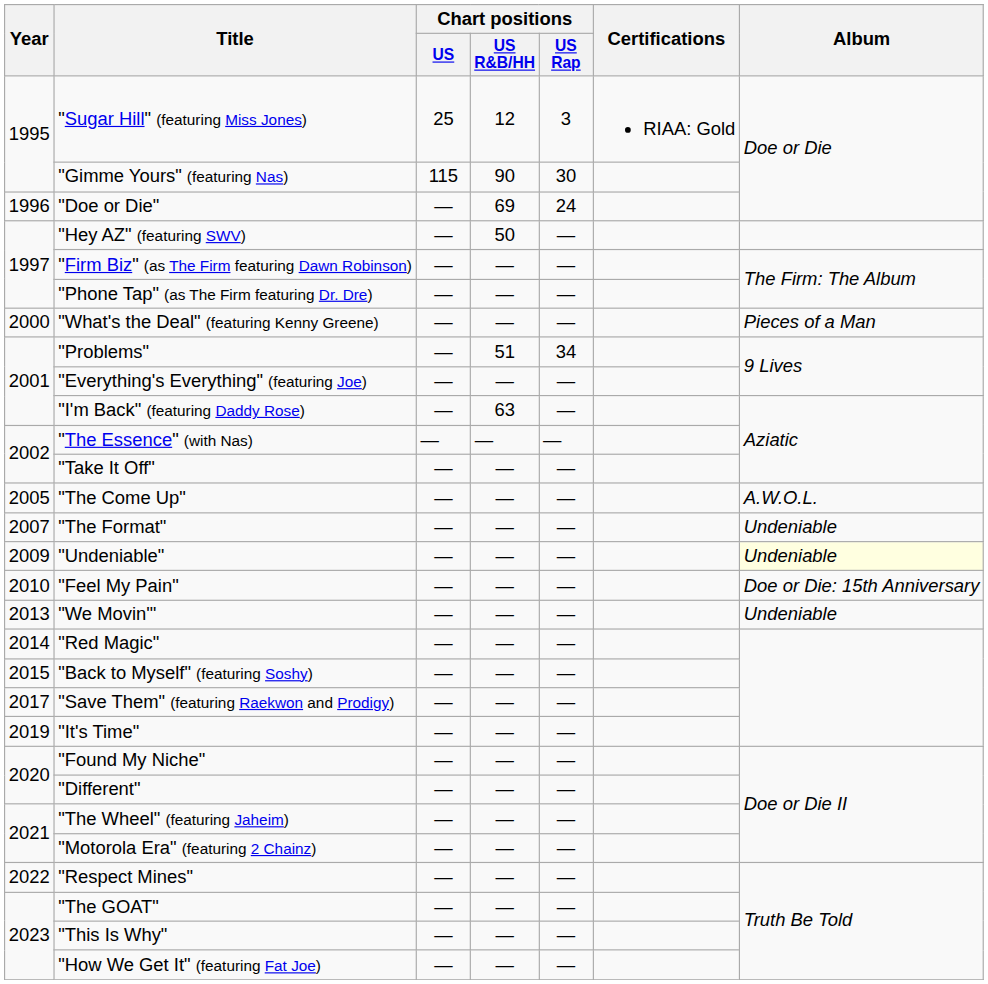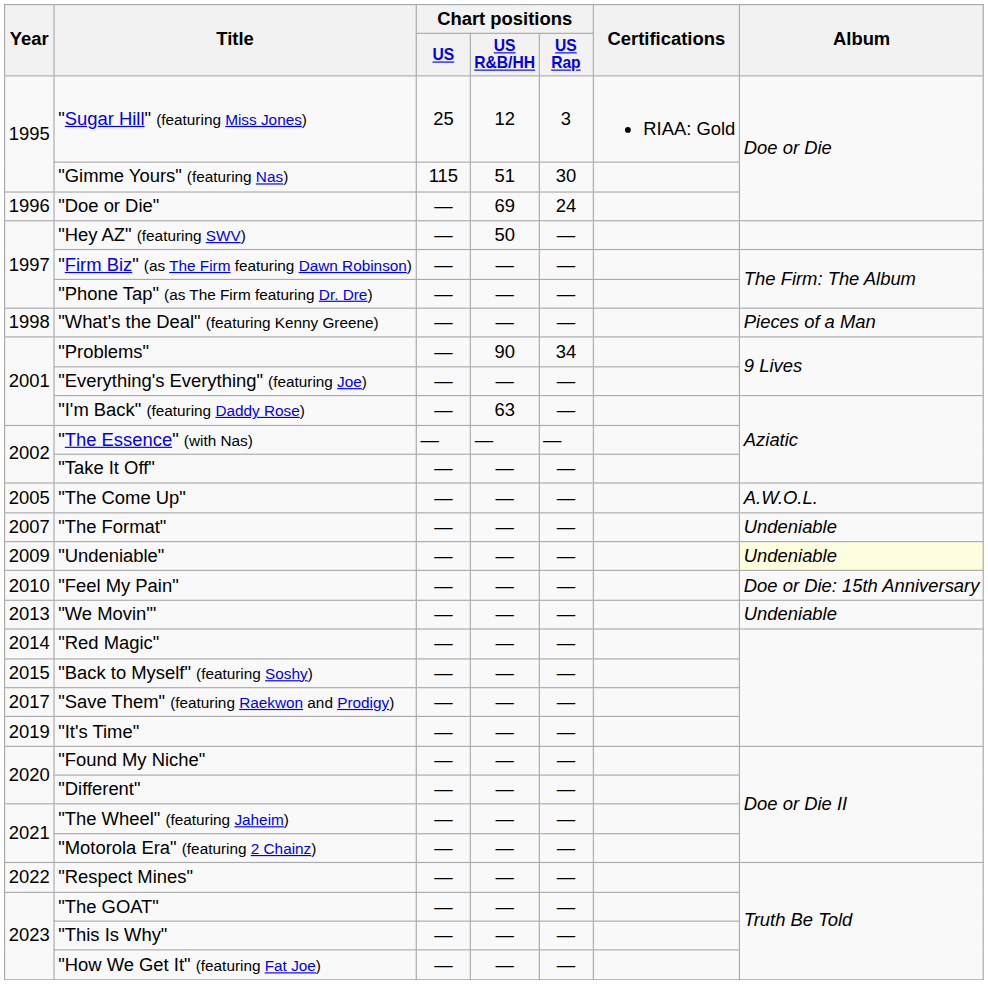 <table class="wikitable">
 <tr>
 <th scope="col" rowspan="2">Year</th>
 <th scope="col" rowspan="2">Title</th>
 <th scope="col" colspan="3">Chart positions</th>
 <th scope="col" rowspan="2">Certifications</th>
 <th scope="col" rowspan="2">Album</th>
 </tr>
 <tr>
 <th scope="col" style="width:3em;font-size:85%"><a href='#'>US</a><br></th>
 <th scope="col" style="width:3em;font-size:85%"><a href='#'>US<br>R&B/HH</a><br></th>
 <th scope="col" style="width:3em;font-size:85%"><a href='#'>US<br>Rap</a><br></th>
 </tr>
 <tr>
 <td align="center" rowspan=2>1995</td>
 <td>"<a href='#'>Sugar Hill</a>" <small>(featuring <a href='#'>Miss Jones</a>)</small></td>
 <td align="center">25</td>
 <td align="center">12</td>
 <td align="center">3</td>
 <td><br><ul><li>RIAA: Gold</li></ul></td>
 <td rowspan=3><em>Doe or Die</em></td>
 </tr>
 <tr>
 <td>"Gimme Yours" <small>(featuring <a href='#'>Nas</a>)</small></td>
 <td align="center">115</td>
-<td align="center">90</td>
+<td align="center">51</td>
 <td align="center">30</td>
 <td></td>
 </tr>
 <tr>
 <td align="center">1996</td>
 <td>"Doe or Die"</td>
 <td align="center">—</td>
 <td align="center">69</td>
 <td align="center">24</td>
 <td></td>
 </tr>
 <tr>
 <td align="center" rowspan=3>1997</td>
 <td>"Hey AZ" <small>(featuring <a href='#'>SWV</a>)</small></td>
 <td align="center">—</td>
 <td align="center">50</td>
 <td align="center">—</td>
 <td></td>
 <td></td>
 </tr>
 <tr>
 <td>"<a href='#'>Firm Biz</a>" <small>(as <a href='#'>The Firm</a> featuring <a href='#'>Dawn Robinson</a>)</small></td>
 <td align="center">—</td>
 <td align="center">—</td>
 <td align="center">—</td>
 <td></td>
 <td rowspan="2"><em>The Firm: The Album</em></td>
 </tr>
 <tr>
 <td>"Phone Tap" <small>(as The Firm featuring <a href='#'>Dr. Dre</a>)</small></td>
 <td align="center">—</td>
 <td align="center">—</td>
 <td align="center">—</td>
 <td></td>
 </tr>
 <tr>
-<td align="center">2000</td>
+<td align="center">1998</td>
 <td>"What's the Deal" <small>(featuring Kenny Greene)</small></td>
 <td align="center">—</td>
 <td align="center">—</td>
 <td align="center">—</td>
 <td></td>
 <td><em>Pieces of a Man</em></td>
 </tr>
 <tr>
 <td align="center" rowspan=3>2001</td>
 <td>"Problems"</td>
 <td align="center">—</td>
-<td align="center">51</td>
+<td align="center">90</td>
 <td align="center">34</td>
 <td></td>
 <td rowspan=2><em>9 Lives</em></td>
 </tr>
 <tr>
 <td>"Everything's Everything" <small>(featuring <a href='#'>Joe</a>)</small></td>
 <td align="center">—</td>
 <td align="center">—</td>
 <td align="center">—</td>
 <td></td>
 </tr>
 <tr>
 <td>"I'm Back" <small>(featuring <a href='#'>Daddy Rose</a>)</small></td>
 <td align="center">—</td>
 <td align="center">63</td>
 <td align="center">—</td>
 <td></td>
 <td rowspan="3"><em>Aziatic</em></td>
 </tr>
 <tr>
 <td rowspan="2">2002</td>
 <td>"<a href='#'>The Essence</a>" <small>(with Nas)</small></td>
 <td>—</td>
 <td>—</td>
 <td>—</td>
 <td></td>
 </tr>
 <tr>
 <td>"Take It Off"</td>
 <td align="center">—</td>
 <td align="center">—</td>
 <td align="center">—</td>
 <td></td>
 </tr>
 <tr>
 <td align="center">2005</td>
 <td>"The Come Up"</td>
 <td align="center">—</td>
 <td align="center">—</td>
 <td align="center">—</td>
 <td></td>
 <td><em>A.W.O.L.</em></td>
 </tr>
 <tr>
 <td align="center">2007</td>
 <td>"The Format"</td>
 <td align="center">—</td>
 <td align="center">—</td>
 <td align="center">—</td>
 <td></td>
 <td><em>Undeniable</em></td>
 </tr>
 <tr>
 <td align="center">2009</td>
 <td>"Undeniable"</td>
 <td align="center">—</td>
 <td align="center">—</td>
 <td align="center">—</td>
 <td></td>
 <td style="background: lightyellow;"><em>Undeniable</em></td>
 </tr>
 <tr>
 <td align="center">2010</td>
 <td>"Feel My Pain"</td>
 <td align="center">—</td>
 <td align="center">—</td>
 <td align="center">—</td>
 <td></td>
 <td><em>Doe or Die: 15th Anniversary</em></td>
 </tr>
 <tr>
 <td align="center">2013</td>
 <td>"We Movin'"</td>
 <td align="center">—</td>
 <td align="center">—</td>
 <td align="center">—</td>
 <td></td>
 <td><em>Undeniable</em></td>
 </tr>
 <tr>
 <td align="center">2014</td>
 <td>"Red Magic"</td>
 <td align="center">—</td>
 <td align="center">—</td>
 <td align="center">—</td>
 <td></td>
 </tr>
 <tr>
 <td align="center">2015</td>
 <td>"Back to Myself" <small>(featuring <a href='#'>Soshy</a>)</small></td>
 <td align="center">—</td>
 <td align="center">—</td>
 <td align="center">—</td>
 <td></td>
 </tr>
 <tr>
 <td align="center">2017</td>
 <td>"Save Them" <small>(featuring <a href='#'>Raekwon</a> and <a href='#'>Prodigy</a>)</small></td>
 <td align="center">—</td>
 <td align="center">—</td>
 <td align="center">—</td>
 <td></td>
 </tr>
 <tr>
 <td align="center">2019</td>
 <td>"It's Time"</td>
 <td align="center">—</td>
 <td align="center">—</td>
 <td align="center">—</td>
 <td></td>
 </tr>
 <tr>
 <td align="center" rowspan=2>2020</td>
 <td>"Found My Niche"</td>
 <td align="center">—</td>
 <td align="center">—</td>
 <td align="center">—</td>
 <td></td>
 <td rowspan=4><em>Doe or Die II</em></td>
 </tr>
 <tr>
 <td>"Different"</td>
 <td align="center">—</td>
 <td align="center">—</td>
 <td align="center">—</td>
 <td></td>
 </tr>
 <tr>
 <td align="center" rowspan=2>2021</td>
 <td>"The Wheel" <small>(featuring <a href='#'>Jaheim</a>)</small></td>
 <td align="center">—</td>
 <td align="center">—</td>
 <td align="center">—</td>
 <td></td>
 </tr>
 <tr>
 <td>"Motorola Era" <small>(featuring <a href='#'>2 Chainz</a>)</small></td>
 <td align="center">—</td>
 <td align="center">—</td>
 <td align="center">—</td>
 <td></td>
 </tr>
 <tr>
 <td align="center">2022</td>
 <td>"Respect Mines"</td>
 <td align="center">—</td>
 <td align="center">—</td>
 <td align="center">—</td>
 <td></td>
 <td rowspan=4><em>Truth Be Told</em></td>
 </tr>
 <tr>
 <td align="center" rowspan=3>2023</td>
 <td>"The GOAT"</td>
 <td align="center">—</td>
 <td align="center">—</td>
 <td align="center">—</td>
 <td></td>
 </tr>
 <tr>
 <td>"This Is Why"</td>
 <td align="center">—</td>
 <td align="center">—</td>
 <td align="center">—</td>
 <td></td>
 </tr>
 <tr>
 <td>"How We Get It" <small>(featuring <a href='#'>Fat Joe</a>)</small></td>
 <td align="center">—</td>
 <td align="center">—</td>
 <td align="center">—</td>
 <td></td>
 </tr>
 </table>
